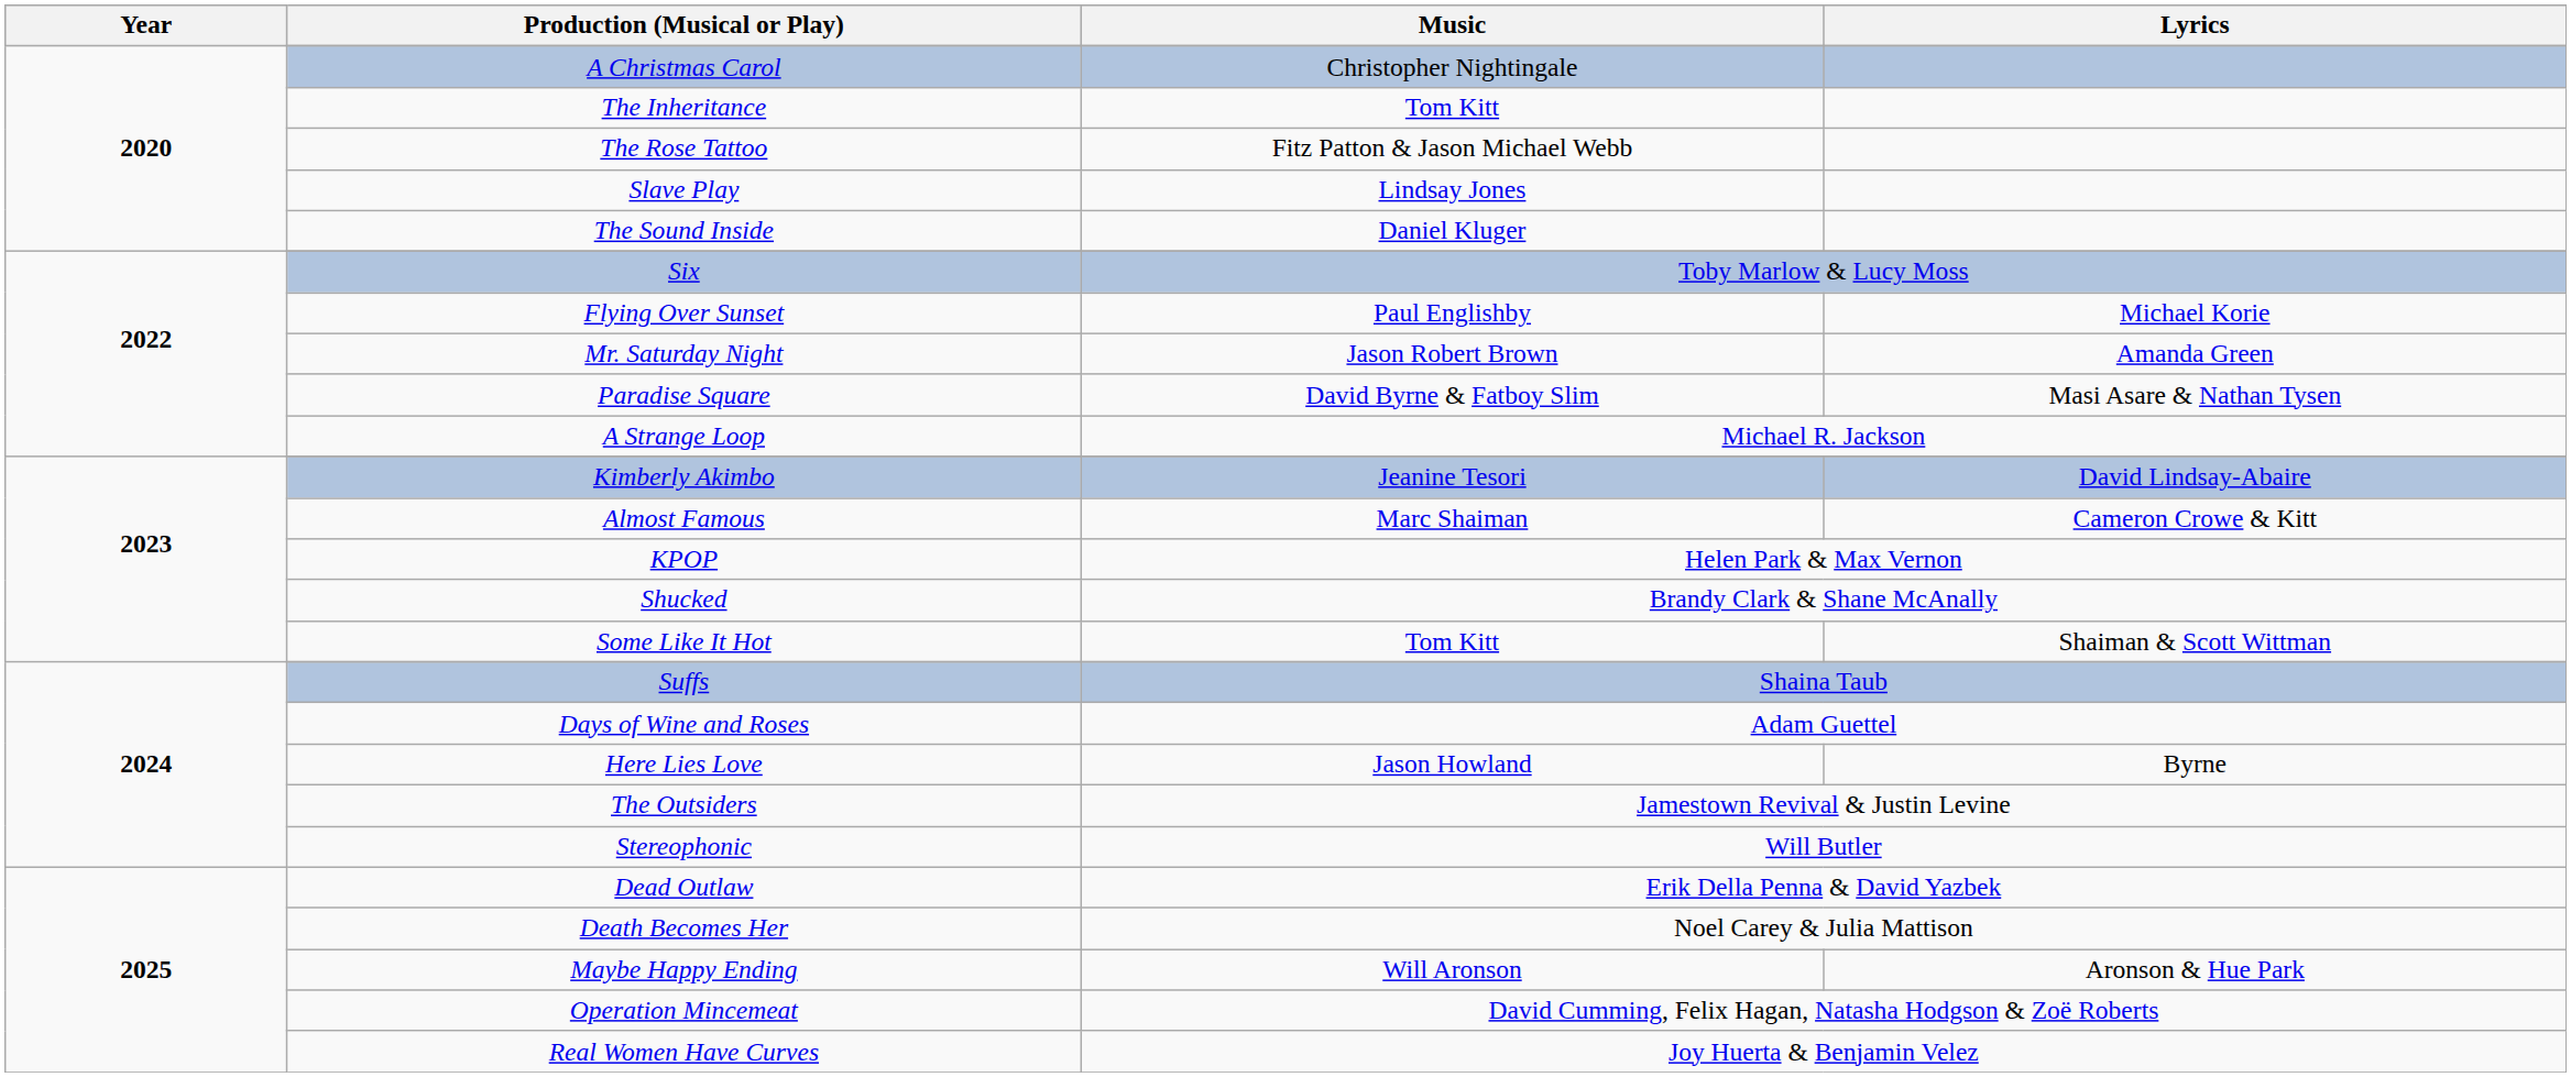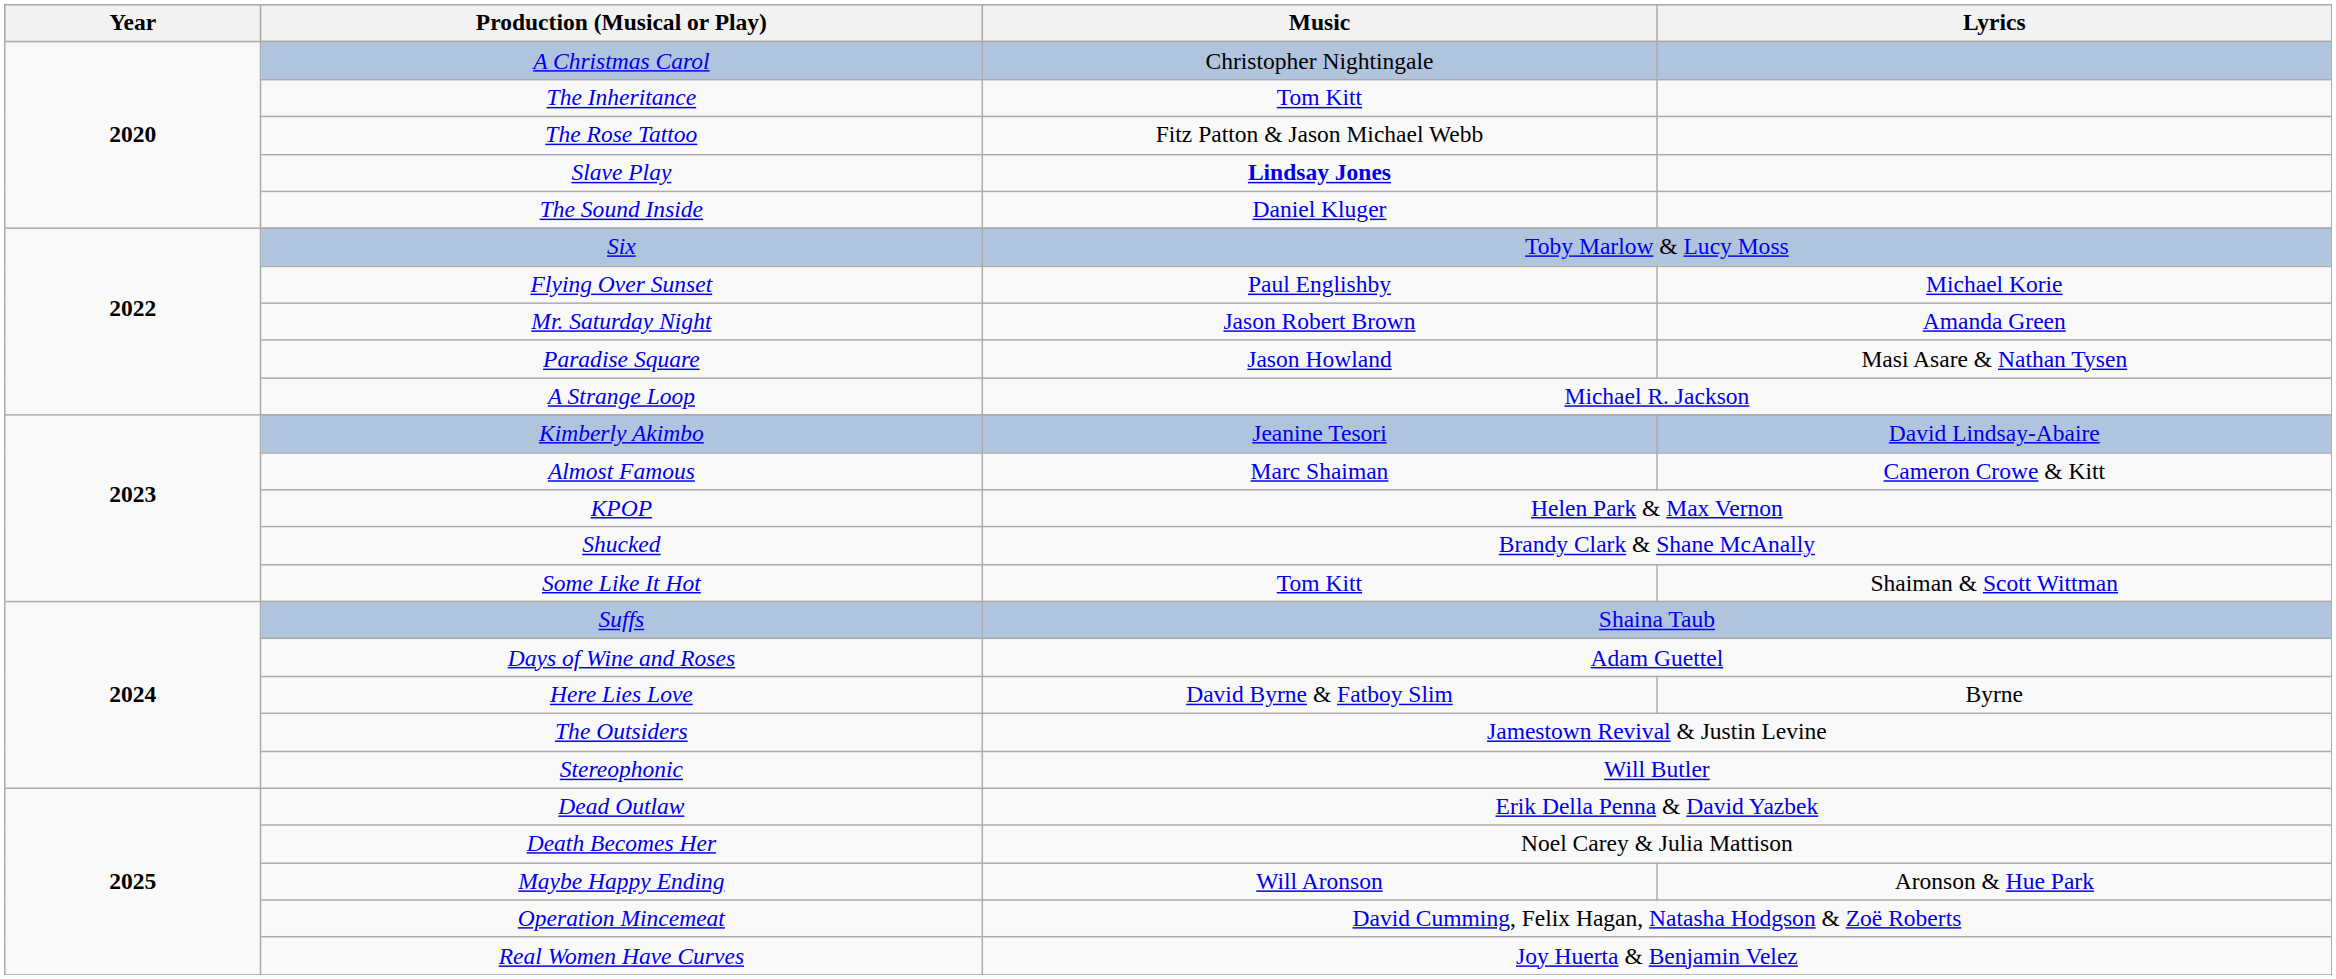 <table class="wikitable" style="width:100%; text-align:center;">
 <tr style="background:#bebebe;">
 <th style="width:11%;">Year</th>
 <th style="width:31%;">Production (Musical or Play)</th>
 <th style="width:29%;">Music</th>
 <th style="width:29%;">Lyrics</th>
 </tr>
 <tr>
 <td rowspan="6" align="center"><strong>2020</strong><br></td>
 </tr>
 <tr style="background:#B0C4DE">
 <td><em><a href='#'>A Christmas Carol</a></em></td>
 <td>Christopher Nightingale</td>
 <td></td>
 </tr>
 <tr>
 <td><em><a href='#'>The Inheritance</a></em></td>
 <td><a href='#'>Tom Kitt</a></td>
 <td></td>
 </tr>
 <tr>
 <td><em><a href='#'>The Rose Tattoo</a></em></td>
 <td>Fitz Patton & Jason Michael Webb</td>
 <td></td>
 </tr>
 <tr>
 <td><em><a href='#'>Slave Play</a></em></td>
-<td><a href='#'>Lindsay Jones</a></td>
+<td><strong><a href='#'>Lindsay Jones</a></strong></td>
 <td></td>
 </tr>
 <tr>
 <td><em><a href='#'>The Sound Inside</a></em></td>
 <td><a href='#'>Daniel Kluger</a></td>
 <td></td>
 </tr>
 <tr>
 <td rowspan="6" align="center"><strong>2022</strong><br><br></td>
 </tr>
 <tr style="background:#B0C4DE">
 <td><em><a href='#'>Six</a></em></td>
 <td colspan="2"><a href='#'>Toby Marlow</a> & <a href='#'>Lucy Moss</a></td>
 </tr>
 <tr>
 <td><em><a href='#'>Flying Over Sunset</a></em></td>
 <td><a href='#'>Paul Englishby</a></td>
 <td><a href='#'>Michael Korie</a></td>
 </tr>
 <tr>
 <td><em><a href='#'>Mr. Saturday Night</a></em></td>
 <td><a href='#'>Jason Robert Brown</a></td>
 <td><a href='#'>Amanda Green</a></td>
 </tr>
 <tr>
 <td><em><a href='#'>Paradise Square</a></em></td>
-<td><a href='#'>David Byrne</a> & <a href='#'>Fatboy Slim</a></td>
+<td><a href='#'>Jason Howland</a></td>
 <td>Masi Asare & <a href='#'>Nathan Tysen</a></td>
 </tr>
 <tr>
 <td><em><a href='#'>A Strange Loop</a></em></td>
 <td colspan="2"><a href='#'>Michael R. Jackson</a></td>
 </tr>
 <tr>
 <td rowspan="6" align="center"><strong>2023</strong><br><br></td>
 </tr>
 <tr style="background:#B0C4DE">
 <td><em><a href='#'>Kimberly Akimbo</a></em></td>
 <td><a href='#'>Jeanine Tesori</a></td>
 <td><a href='#'>David Lindsay-Abaire</a></td>
 </tr>
 <tr>
 <td><em><a href='#'>Almost Famous</a></em></td>
 <td><a href='#'>Marc Shaiman</a></td>
 <td><a href='#'>Cameron Crowe</a> & Kitt</td>
 </tr>
 <tr>
 <td><em><a href='#'>KPOP</a></em></td>
 <td colspan="2"><a href='#'>Helen Park</a> & <a href='#'>Max Vernon</a></td>
 </tr>
 <tr>
 <td><em><a href='#'>Shucked</a></em></td>
 <td colspan="2"><a href='#'>Brandy Clark</a> & <a href='#'>Shane McAnally</a></td>
 </tr>
 <tr>
 <td><em><a href='#'>Some Like It Hot</a></em></td>
 <td><a href='#'>Tom Kitt</a></td>
 <td>Shaiman & <a href='#'>Scott Wittman</a></td>
 </tr>
 <tr>
 <td rowspan="6" align="center"><strong>2024</strong><br></td>
 </tr>
 <tr style="background:#B0C4DE">
 <td><em><a href='#'>Suffs</a></em></td>
 <td colspan="2"><a href='#'>Shaina Taub</a></td>
 </tr>
 <tr>
 <td><em><a href='#'>Days of Wine and Roses</a></em></td>
 <td colspan="2"><a href='#'>Adam Guettel</a></td>
 </tr>
 <tr>
 <td><em><a href='#'>Here Lies Love</a></em></td>
-<td><a href='#'>Jason Howland</a></td>
+<td><a href='#'>David Byrne</a> & <a href='#'>Fatboy Slim</a></td>
 <td>Byrne</td>
 </tr>
 <tr>
 <td><em><a href='#'>The Outsiders</a></em></td>
 <td colspan="2"><a href='#'>Jamestown Revival</a> & Justin Levine</td>
 </tr>
 <tr>
 <td><em><a href='#'>Stereophonic</a></em></td>
 <td colspan="2"><a href='#'>Will Butler</a></td>
 </tr>
 <tr>
 <td rowspan="6" align="center"><strong>2025</strong><br></td>
 <td><em><a href='#'>Dead Outlaw</a></em></td>
 <td colspan="2"><a href='#'>Erik Della Penna</a> & <a href='#'>David Yazbek</a></td>
 </tr>
 <tr>
 <td><em><a href='#'>Death Becomes Her</a></em></td>
 <td colspan="2">Noel Carey & Julia Mattison</td>
 </tr>
 <tr>
 <td><em><a href='#'>Maybe Happy Ending</a></em></td>
 <td><a href='#'>Will Aronson</a></td>
 <td>Aronson & <a href='#'>Hue Park</a></td>
 </tr>
 <tr>
 <td><em><a href='#'>Operation Mincemeat</a></em></td>
 <td colspan="2"><a href='#'>David Cumming</a>, Felix Hagan, <a href='#'>Natasha Hodgson</a> & <a href='#'>Zoë Roberts</a></td>
 </tr>
 <tr>
 <td><em><a href='#'>Real Women Have Curves</a></em></td>
 <td colspan="2"><a href='#'>Joy Huerta</a> & <a href='#'>Benjamin Velez</a></td>
 </tr>
 </table>
